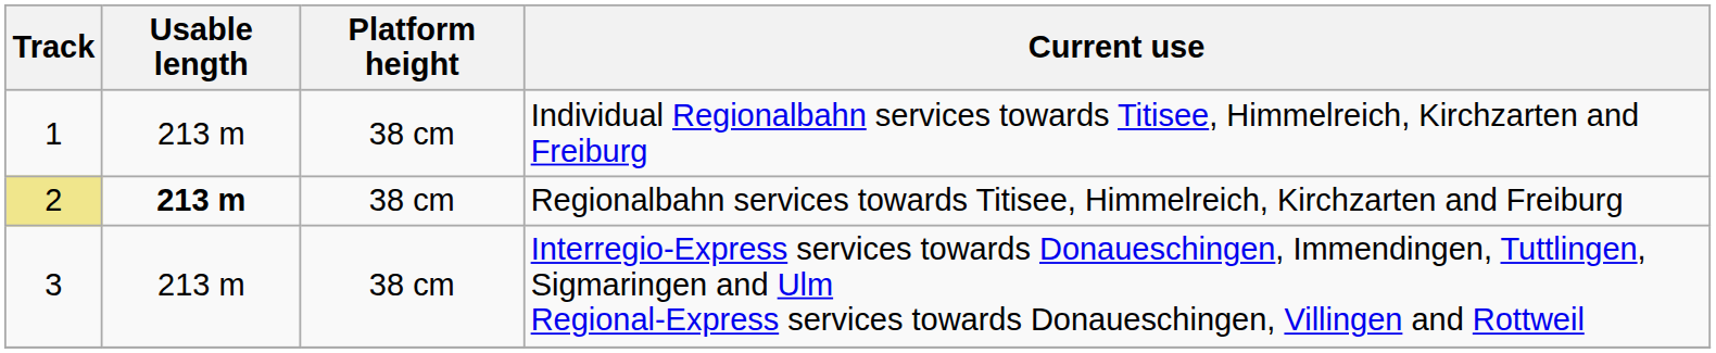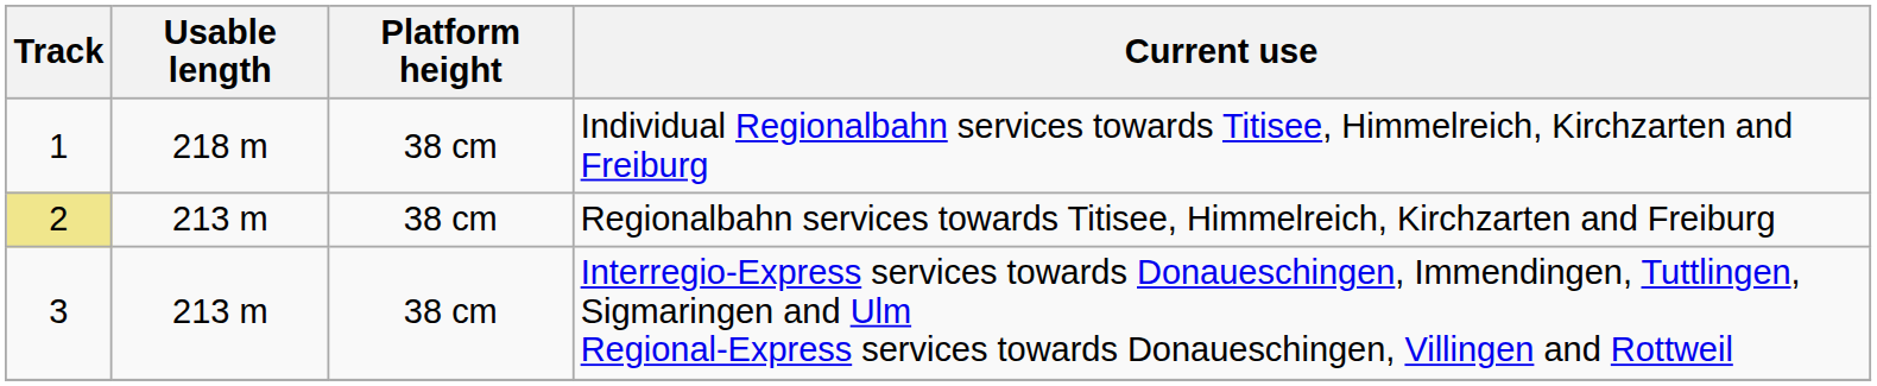 <table class="wikitable">
 <tr>
 <th>Track</th>
 <th>Usable length</th>
 <th>Platform height</th>
 <th>Current use</th>
 </tr>
 <tr>
 <td style="text-align:center">1</td>
-<td style="text-align:center">213 m</td>
+<td style="text-align:center">218 m</td>
 <td style="text-align:center">38 cm</td>
 <td>Individual <a href='#'>Regionalbahn</a> services towards <a href='#'>Titisee</a>, Himmelreich, Kirchzarten and <a href='#'>Freiburg</a></td>
 </tr>
 <tr>
 <td style="background: khaki; text-align:center">2</td>
-<td style="text-align:center"><strong>213 m</strong></td>
+<td style="text-align:center">213 m</td>
 <td style="text-align:center">38 cm</td>
 <td>Regionalbahn services towards Titisee, Himmelreich, Kirchzarten and Freiburg</td>
 </tr>
 <tr>
 <td style="text-align:center">3</td>
 <td style="text-align:center">213 m</td>
 <td style="text-align:center">38 cm</td>
 <td><a href='#'>Interregio-Express</a> services towards <a href='#'>Donaueschingen</a>, Immendingen, <a href='#'>Tuttlingen</a>, Sigmaringen and <a href='#'>Ulm</a><br> <a href='#'>Regional-Express</a> services towards Donaueschingen, <a href='#'>Villingen</a> and <a href='#'>Rottweil</a></td>
 </tr>
 <tr>
 </tr>
 </table>
